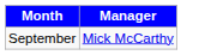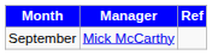 <table class="wikitable" style="text-align:center">
 <tr>
 <th style="background:blue; color:white; width=0%">Month</th>
 <th style="background:blue; color:white; width=0%">Manager</th>
+<th style="background:blue; color:white; width=0%">Ref</th>
 </tr>
 <tr>
 <td>September</td>
 <td> <a href='#'>Mick McCarthy</a></td>
+<td></td>
 </tr>
 </table>
